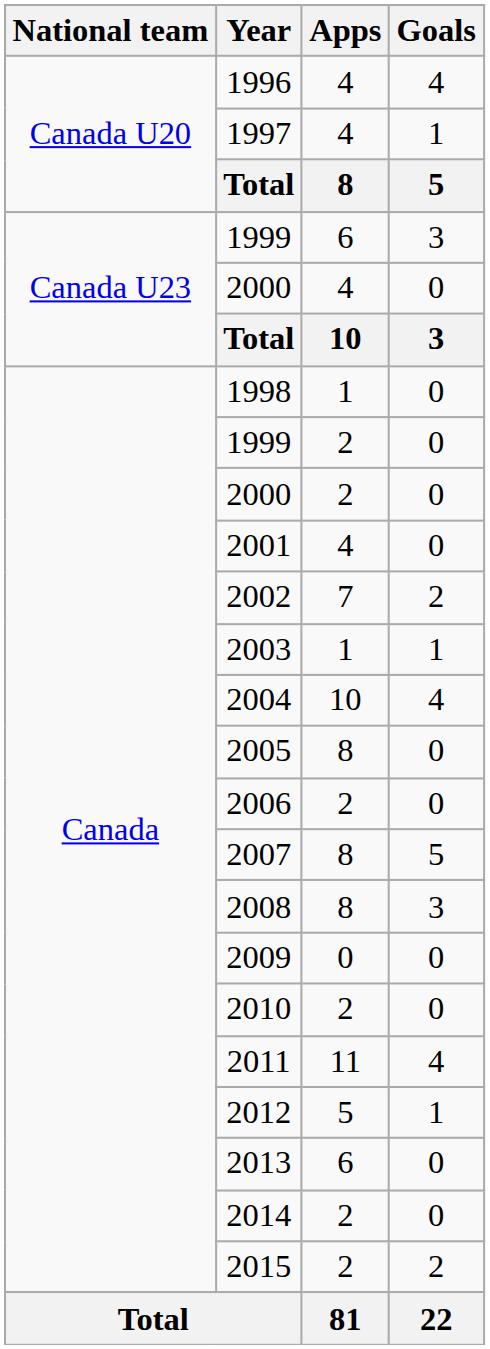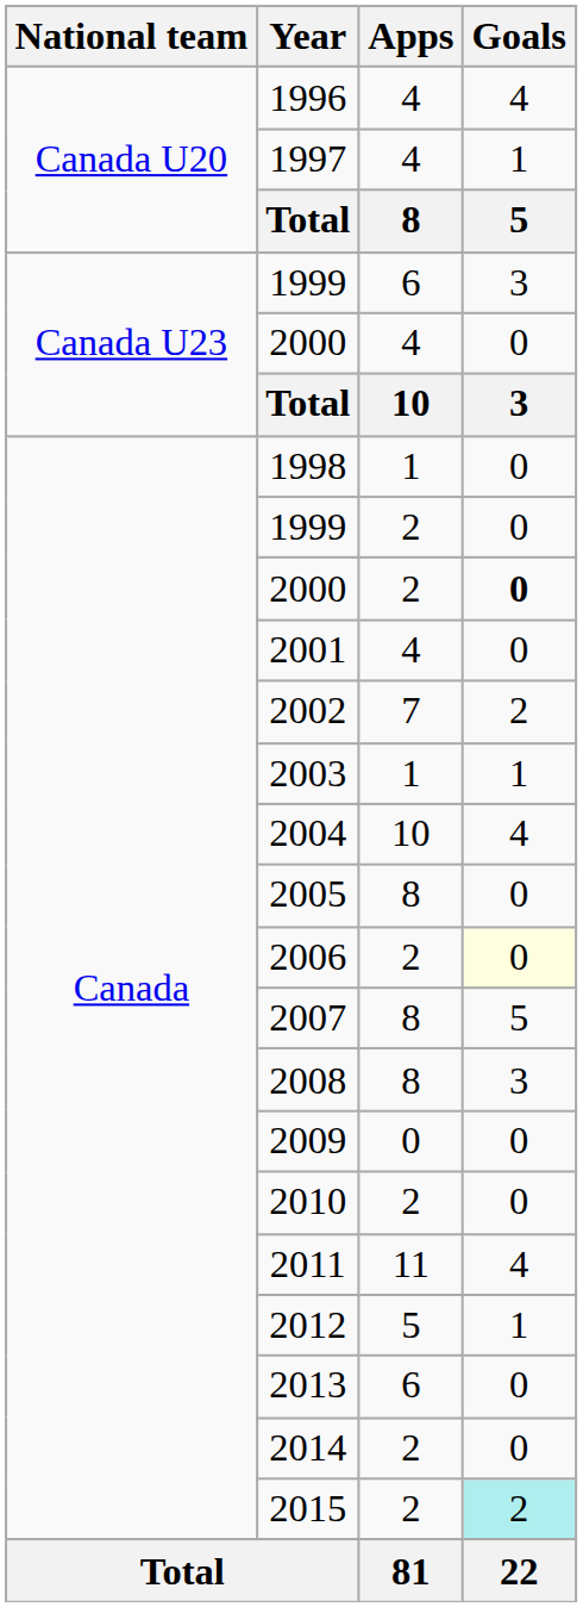 <table class="wikitable" style="text-align:center">
 <tr>
 <th>National team</th>
 <th>Year</th>
 <th>Apps</th>
 <th>Goals</th>
 </tr>
 <tr>
 <td rowspan="3"><a href='#'>Canada U20</a></td>
 <td>1996</td>
 <td>4</td>
 <td>4</td>
 </tr>
 <tr>
 <td>1997</td>
 <td>4</td>
 <td>1</td>
 </tr>
 <tr>
 <th colspan="1">Total</th>
 <th>8</th>
 <th>5</th>
 </tr>
 <tr>
 <td rowspan="3"><a href='#'>Canada U23</a></td>
 <td>1999</td>
 <td>6</td>
 <td>3</td>
 </tr>
 <tr>
 <td>2000</td>
 <td>4</td>
 <td>0</td>
 </tr>
 <tr>
 <th colspan="1">Total</th>
 <th>10</th>
 <th>3</th>
 </tr>
 <tr>
 <td rowspan="18"><a href='#'>Canada</a></td>
 <td>1998</td>
 <td>1</td>
 <td>0</td>
 </tr>
 <tr>
 <td>1999</td>
 <td>2</td>
 <td>0</td>
 </tr>
 <tr>
 <td>2000</td>
 <td>2</td>
-<td>0</td>
+<td><strong>0</strong></td>
 </tr>
 <tr>
 <td>2001</td>
 <td>4</td>
 <td>0</td>
 </tr>
 <tr>
 <td>2002</td>
 <td>7</td>
 <td>2</td>
 </tr>
 <tr>
 <td>2003</td>
 <td>1</td>
 <td>1</td>
 </tr>
 <tr>
 <td>2004</td>
 <td>10</td>
 <td>4</td>
 </tr>
 <tr>
 <td>2005</td>
 <td>8</td>
 <td>0</td>
 </tr>
 <tr>
 <td>2006</td>
 <td>2</td>
-<td>0</td>
+<td style="background: lightyellow;">0</td>
 </tr>
 <tr>
 <td>2007</td>
 <td>8</td>
 <td>5</td>
 </tr>
 <tr>
 <td>2008</td>
 <td>8</td>
 <td>3</td>
 </tr>
 <tr>
 <td>2009</td>
 <td>0</td>
 <td>0</td>
 </tr>
 <tr>
 <td>2010</td>
 <td>2</td>
 <td>0</td>
 </tr>
 <tr>
 <td>2011</td>
 <td>11</td>
 <td>4</td>
 </tr>
 <tr>
 <td>2012</td>
 <td>5</td>
 <td>1</td>
 </tr>
 <tr>
 <td>2013</td>
 <td>6</td>
 <td>0</td>
 </tr>
 <tr>
 <td>2014</td>
 <td>2</td>
 <td>0</td>
 </tr>
 <tr>
 <td>2015</td>
 <td>2</td>
-<td>2</td>
+<td style="background: paleturquoise;">2</td>
 </tr>
 <tr>
 <th colspan="2">Total</th>
 <th>81</th>
 <th>22</th>
 </tr>
 </table>
